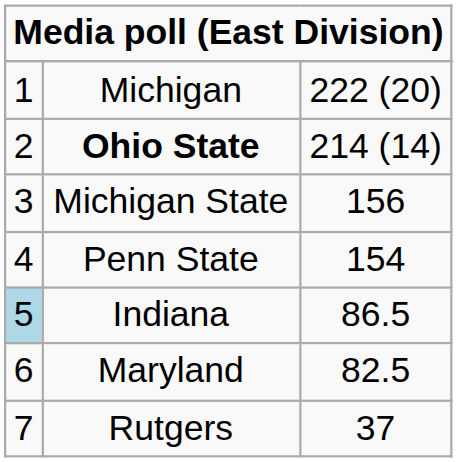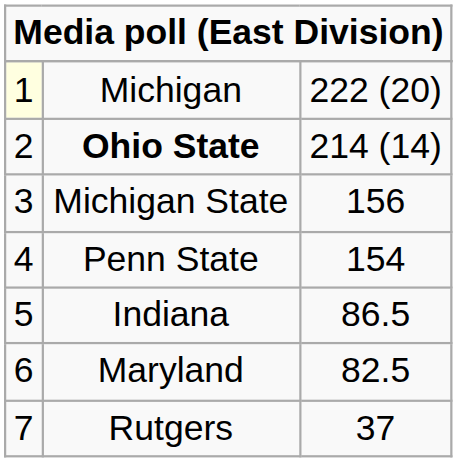 <table class="wikitable" style="display: inline-table;">
 <tr>
 <td align="center" Colspan="3"><strong>Media poll (East Division)</strong></td>
 </tr>
 <tr align="center">
 </tr>
 <tr align="center">
-<td>1</td>
+<td style="background: lightyellow;">1</td>
 <td>Michigan</td>
 <td>222 (20)</td>
 </tr>
 <tr align="center">
 <td>2</td>
 <td><strong>Ohio State</strong></td>
 <td>214 (14)</td>
 </tr>
 <tr align="center">
 <td>3</td>
 <td>Michigan State</td>
 <td>156</td>
 </tr>
 <tr align="center">
 <td>4</td>
 <td>Penn State</td>
 <td>154</td>
 </tr>
 <tr align="center">
-<td style="background: lightblue;">5</td>
+<td>5</td>
 <td>Indiana</td>
 <td>86.5</td>
 </tr>
 <tr align="center">
 <td>6</td>
 <td>Maryland</td>
 <td>82.5</td>
 </tr>
 <tr align="center">
 <td>7</td>
 <td>Rutgers</td>
 <td>37</td>
 </tr>
 </table>
